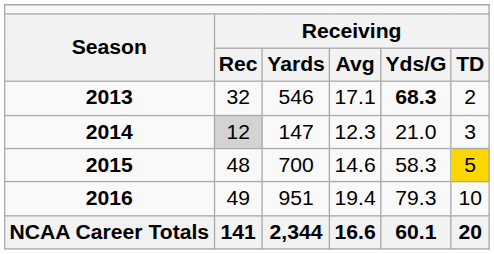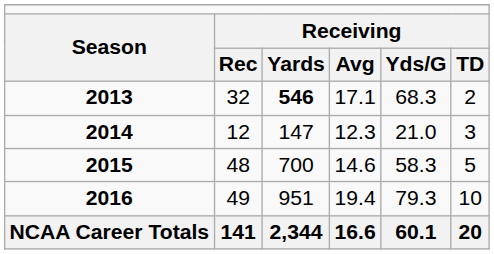 <table class=wikitable style="text-align:center;">
 <tr>
 </tr>
 <tr>
 <td ! colspan="10"></td>
 </tr>
 <tr>
 <th rowspan=2>Season</th>
 <th colspan=5>Receiving</th>
 </tr>
 <tr>
 <th>Rec</th>
 <th>Yards</th>
 <th>Avg</th>
 <th>Yds/G</th>
 <th>TD</th>
 </tr>
 <tr>
 <td><strong>2013</strong></td>
 <td>32</td>
-<td>546</td>
+<td><strong>546</strong></td>
 <td>17.1</td>
-<td><strong>68.3</strong></td>
+<td>68.3</td>
 <td>2</td>
 </tr>
 <tr>
 <td><strong>2014</strong></td>
-<td style="background: lightgrey;">12</td>
+<td>12</td>
 <td>147</td>
 <td>12.3</td>
 <td>21.0</td>
 <td>3</td>
 </tr>
 <tr>
 <td><strong>2015</strong></td>
 <td>48</td>
 <td>700</td>
 <td>14.6</td>
 <td>58.3</td>
-<td style="background: gold;">5</td>
+<td>5</td>
 </tr>
 <tr>
 <td><strong>2016</strong></td>
 <td>49</td>
 <td>951</td>
 <td>19.4</td>
 <td>79.3</td>
 <td>10</td>
 </tr>
 <tr>
 <th>NCAA Career Totals</th>
 <th>141</th>
 <th>2,344</th>
 <th>16.6</th>
 <th>60.1</th>
 <th>20</th>
 </tr>
 </table>
